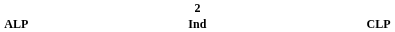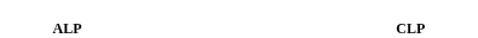 <table style="width:60%; text-align:center;">
 <tr style="color:white;">
 <td style="background:"><strong>13</strong></td>
-<td style="color:black; background:"><strong>2</strong></td>
 <td style="background:"><strong>10</strong></td>
 </tr>
 <tr>
 <td><span><strong>ALP</strong></span></td>
-<td><span><strong>Ind</strong></span></td>
 <td><span><strong>CLP</strong></span></td>
 </tr>
 </table>
